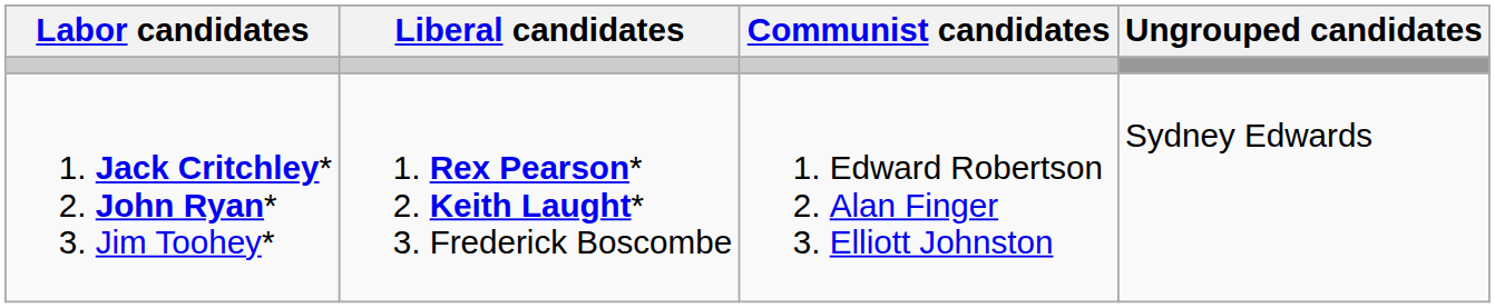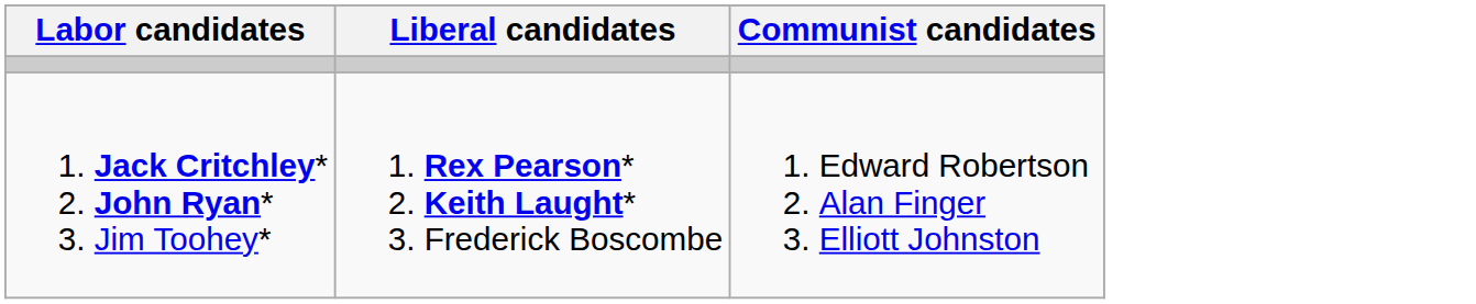 <table class="wikitable">
 <tr>
 <th><a href='#'>Labor</a> candidates</th>
 <th><a href='#'>Liberal</a> candidates</th>
 <th><a href='#'>Communist</a> candidates</th>
-<th>Ungrouped candidates</th>
 </tr>
 <tr bgcolor="#cccccc">
 <td></td>
 <td></td>
 <td></td>
-<td bgcolor="#999999"></td>
 </tr>
 <tr>
 <td><br><ol><li><strong><a href='#'>Jack Critchley</a></strong>*</li><li><strong><a href='#'>John Ryan</a></strong>*</li><li><a href='#'>Jim Toohey</a>*</li></ol></td>
 <td><br><ol><li><strong><a href='#'>Rex Pearson</a></strong>*</li><li><strong><a href='#'>Keith Laught</a></strong>*</li><li>Frederick Boscombe</li></ol></td>
 <td valign=top><br><ol><li>Edward Robertson</li><li><a href='#'>Alan Finger</a></li><li><a href='#'>Elliott Johnston</a></li></ol></td>
-<td valign=top><br>Sydney Edwards</td>
 </tr>
 </table>
